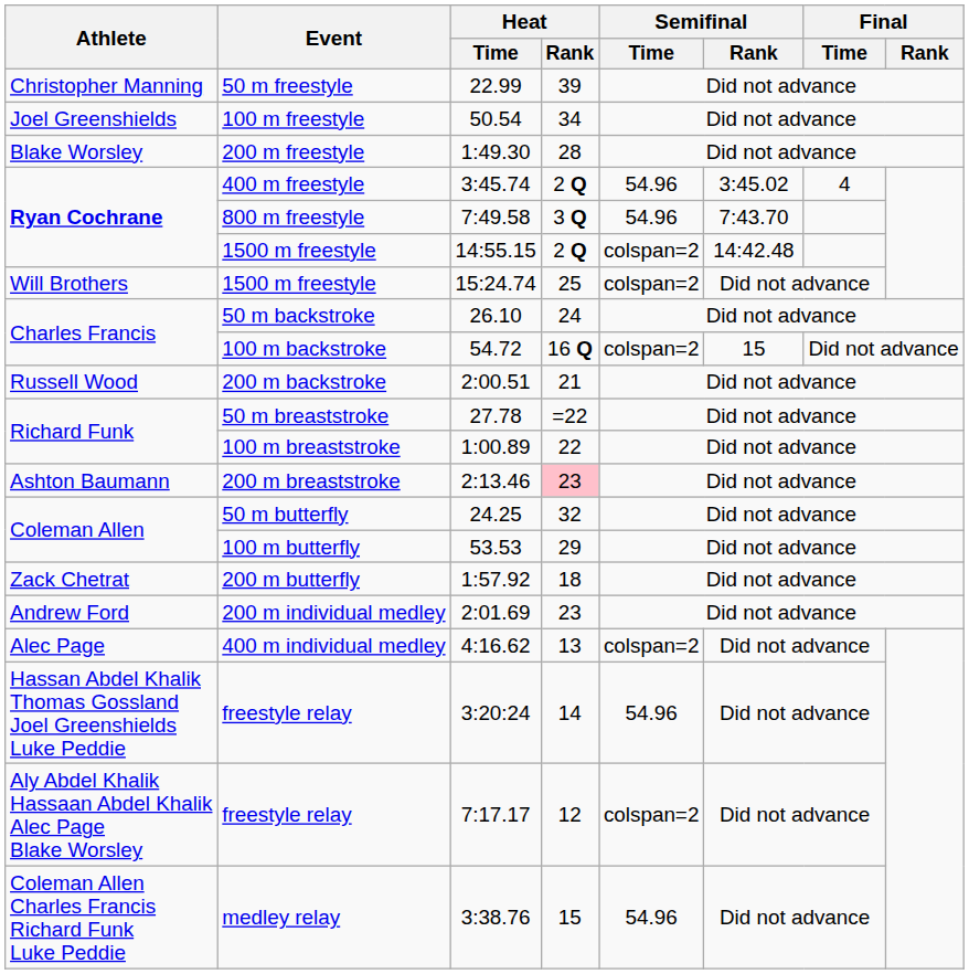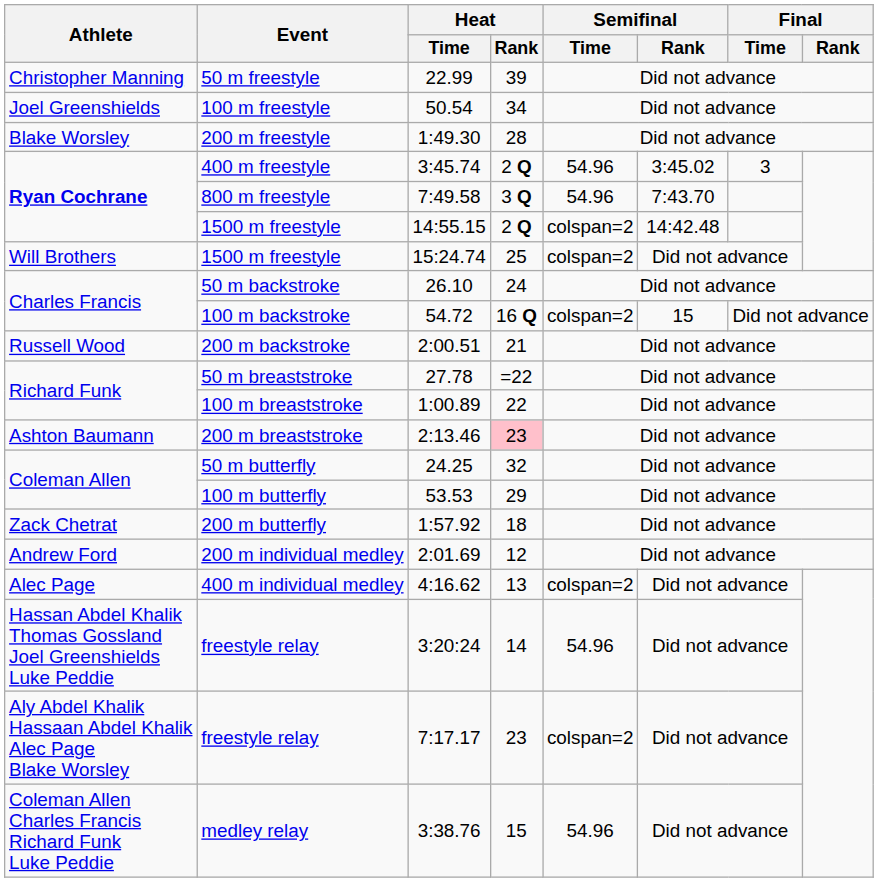 <table class=wikitable style="font-size:90%">
 <tr>
 <th rowspan=2>Athlete</th>
 <th rowspan=2>Event</th>
 <th colspan="2">Heat</th>
 <th colspan="2">Semifinal</th>
 <th colspan="2">Final</th>
 </tr>
 <tr style="font-size:95%">
 <th>Time</th>
 <th>Rank</th>
 <th>Time</th>
 <th>Rank</th>
 <th>Time</th>
 <th>Rank</th>
 </tr>
 <tr align=center>
 <td align=left><a href='#'>Christopher Manning</a></td>
 <td align=left><a href='#'>50 m freestyle</a></td>
 <td>22.99</td>
 <td>39</td>
 <td colspan=4>Did not advance</td>
 </tr>
 <tr align=center>
 <td align=left><a href='#'>Joel Greenshields</a></td>
 <td align=left><a href='#'>100 m freestyle</a></td>
 <td>50.54</td>
 <td>34</td>
 <td colspan=4>Did not advance</td>
 </tr>
 <tr align=center>
 <td align=left><a href='#'>Blake Worsley</a></td>
 <td align=left><a href='#'>200 m freestyle</a></td>
 <td>1:49.30</td>
 <td>28</td>
 <td colspan=4>Did not advance</td>
 </tr>
 <tr align=center>
 <td align=left rowspan=3><strong><a href='#'>Ryan Cochrane</a></strong></td>
 <td align=left><a href='#'>400 m freestyle</a></td>
 <td>3:45.74</td>
 <td>2 <strong>Q</strong></td>
 <td>54.96</td>
 <td>3:45.02</td>
-<td>4</td>
+<td>3</td>
 </tr>
 <tr align=center>
 <td align=left><a href='#'>800 m freestyle</a></td>
 <td>7:49.58</td>
 <td>3 <strong>Q</strong></td>
 <td>54.96</td>
 <td>7:43.70</td>
 <td></td>
 </tr>
 <tr align=center>
 <td align=left><a href='#'>1500 m freestyle</a></td>
 <td>14:55.15</td>
 <td>2 <strong>Q</strong></td>
 <td>colspan=2 </td>
 <td>14:42.48</td>
 <td></td>
 </tr>
 <tr align=center>
 <td align=left><a href='#'>Will Brothers</a></td>
 <td align=left><a href='#'>1500 m freestyle</a></td>
 <td>15:24.74</td>
 <td>25</td>
 <td>colspan=2 </td>
 <td colspan=2>Did not advance</td>
 </tr>
 <tr align=center>
 <td align=left rowspan=2><a href='#'>Charles Francis</a></td>
 <td align=left><a href='#'>50 m backstroke</a></td>
 <td>26.10</td>
 <td>24</td>
 <td colspan=4>Did not advance</td>
 </tr>
 <tr align=center>
 <td align=left><a href='#'>100 m backstroke</a></td>
 <td>54.72</td>
 <td>16 <strong>Q</strong></td>
 <td>colspan=2 </td>
 <td>15</td>
 <td colspan=2>Did not advance</td>
 </tr>
 <tr align=center>
 <td align=left><a href='#'>Russell Wood</a></td>
 <td align=left><a href='#'>200 m backstroke</a></td>
 <td>2:00.51</td>
 <td>21</td>
 <td colspan=4>Did not advance</td>
 </tr>
 <tr align=center>
 <td align=left rowspan=2><a href='#'>Richard Funk</a></td>
 <td align=left><a href='#'>50 m breaststroke</a></td>
 <td>27.78</td>
 <td>=22</td>
 <td colspan=4>Did not advance</td>
 </tr>
 <tr align=center>
 <td align=left><a href='#'>100 m breaststroke</a></td>
 <td>1:00.89</td>
 <td>22</td>
 <td colspan=4>Did not advance</td>
 </tr>
 <tr align=center>
 <td align=left><a href='#'>Ashton Baumann</a></td>
 <td align=left><a href='#'>200 m breaststroke</a></td>
 <td>2:13.46</td>
 <td style="background: pink;">23</td>
 <td colspan=4>Did not advance</td>
 </tr>
 <tr align=center>
 <td align=left rowspan=2><a href='#'>Coleman Allen</a></td>
 <td align=left><a href='#'>50 m butterfly</a></td>
 <td>24.25</td>
 <td>32</td>
 <td colspan=4>Did not advance</td>
 </tr>
 <tr align=center>
 <td align=left><a href='#'>100 m butterfly</a></td>
 <td>53.53</td>
 <td>29</td>
 <td colspan=4>Did not advance</td>
 </tr>
 <tr align=center>
 <td align=left><a href='#'>Zack Chetrat</a></td>
 <td align=left><a href='#'>200 m butterfly</a></td>
 <td>1:57.92</td>
 <td>18</td>
 <td colspan=4>Did not advance</td>
 </tr>
 <tr align=center>
 <td align=left><a href='#'>Andrew Ford</a></td>
 <td align=left><a href='#'>200 m individual medley</a></td>
 <td>2:01.69</td>
-<td>23</td>
+<td>12</td>
 <td colspan=4>Did not advance</td>
 </tr>
 <tr align=center>
 <td align=left><a href='#'>Alec Page</a></td>
 <td align=left><a href='#'>400 m individual medley</a></td>
 <td>4:16.62</td>
 <td>13</td>
 <td>colspan=2 </td>
 <td colspan=2>Did not advance</td>
 </tr>
 <tr align=center>
 <td align=left><a href='#'>Hassan Abdel Khalik</a><br><a href='#'>Thomas Gossland</a><br><a href='#'>Joel Greenshields</a><br><a href='#'>Luke Peddie</a></td>
 <td align=left><a href='#'> freestyle relay</a></td>
 <td>3:20:24</td>
 <td>14</td>
 <td>54.96</td>
 <td colspan=2>Did not advance</td>
 </tr>
 <tr align=center>
 <td align=left><a href='#'>Aly Abdel Khalik</a><br><a href='#'>Hassaan Abdel Khalik</a><br><a href='#'>Alec Page</a><br><a href='#'>Blake Worsley</a></td>
 <td align=left><a href='#'> freestyle relay</a></td>
 <td>7:17.17</td>
-<td>12</td>
+<td>23</td>
 <td>colspan=2 </td>
 <td colspan=2>Did not advance</td>
 </tr>
 <tr align=center>
 <td align=left><a href='#'>Coleman Allen</a><br><a href='#'>Charles Francis</a><br><a href='#'>Richard Funk</a><br><a href='#'>Luke Peddie</a></td>
 <td align=left><a href='#'> medley relay</a></td>
 <td>3:38.76</td>
 <td>15</td>
 <td>54.96</td>
 <td colspan=2>Did not advance</td>
 </tr>
 </table>
